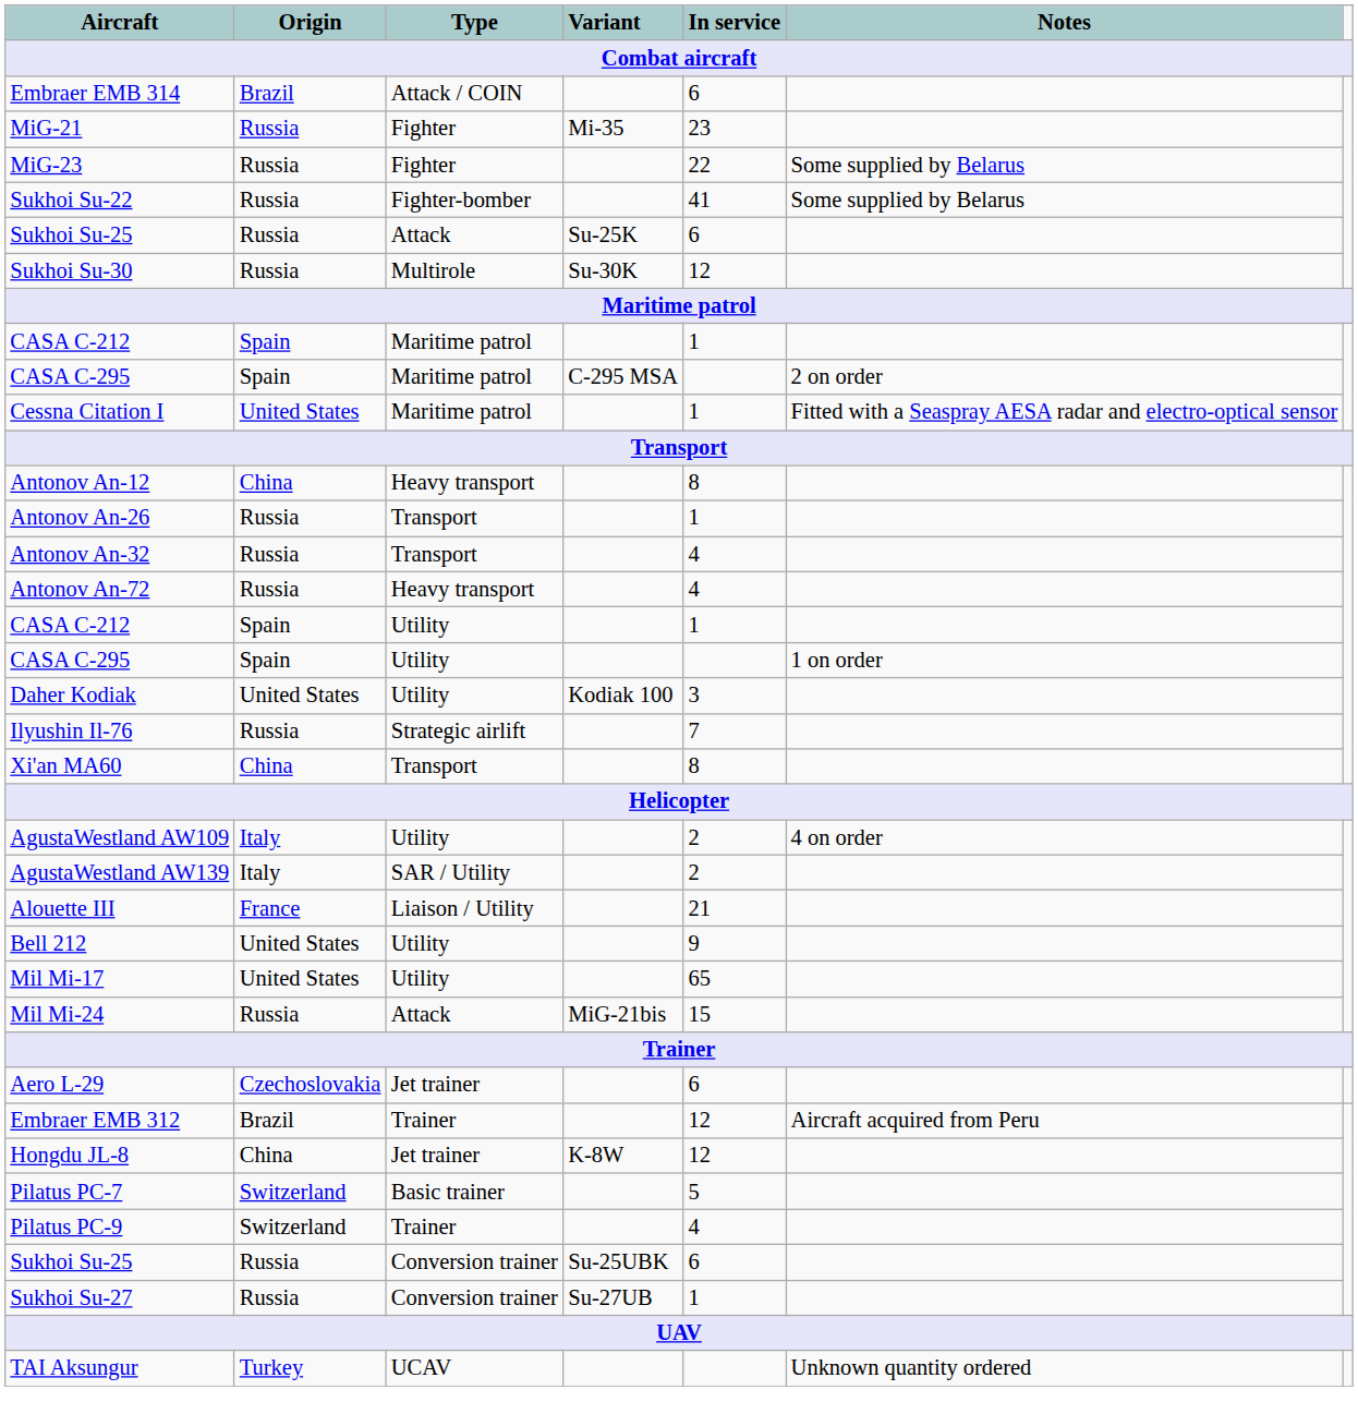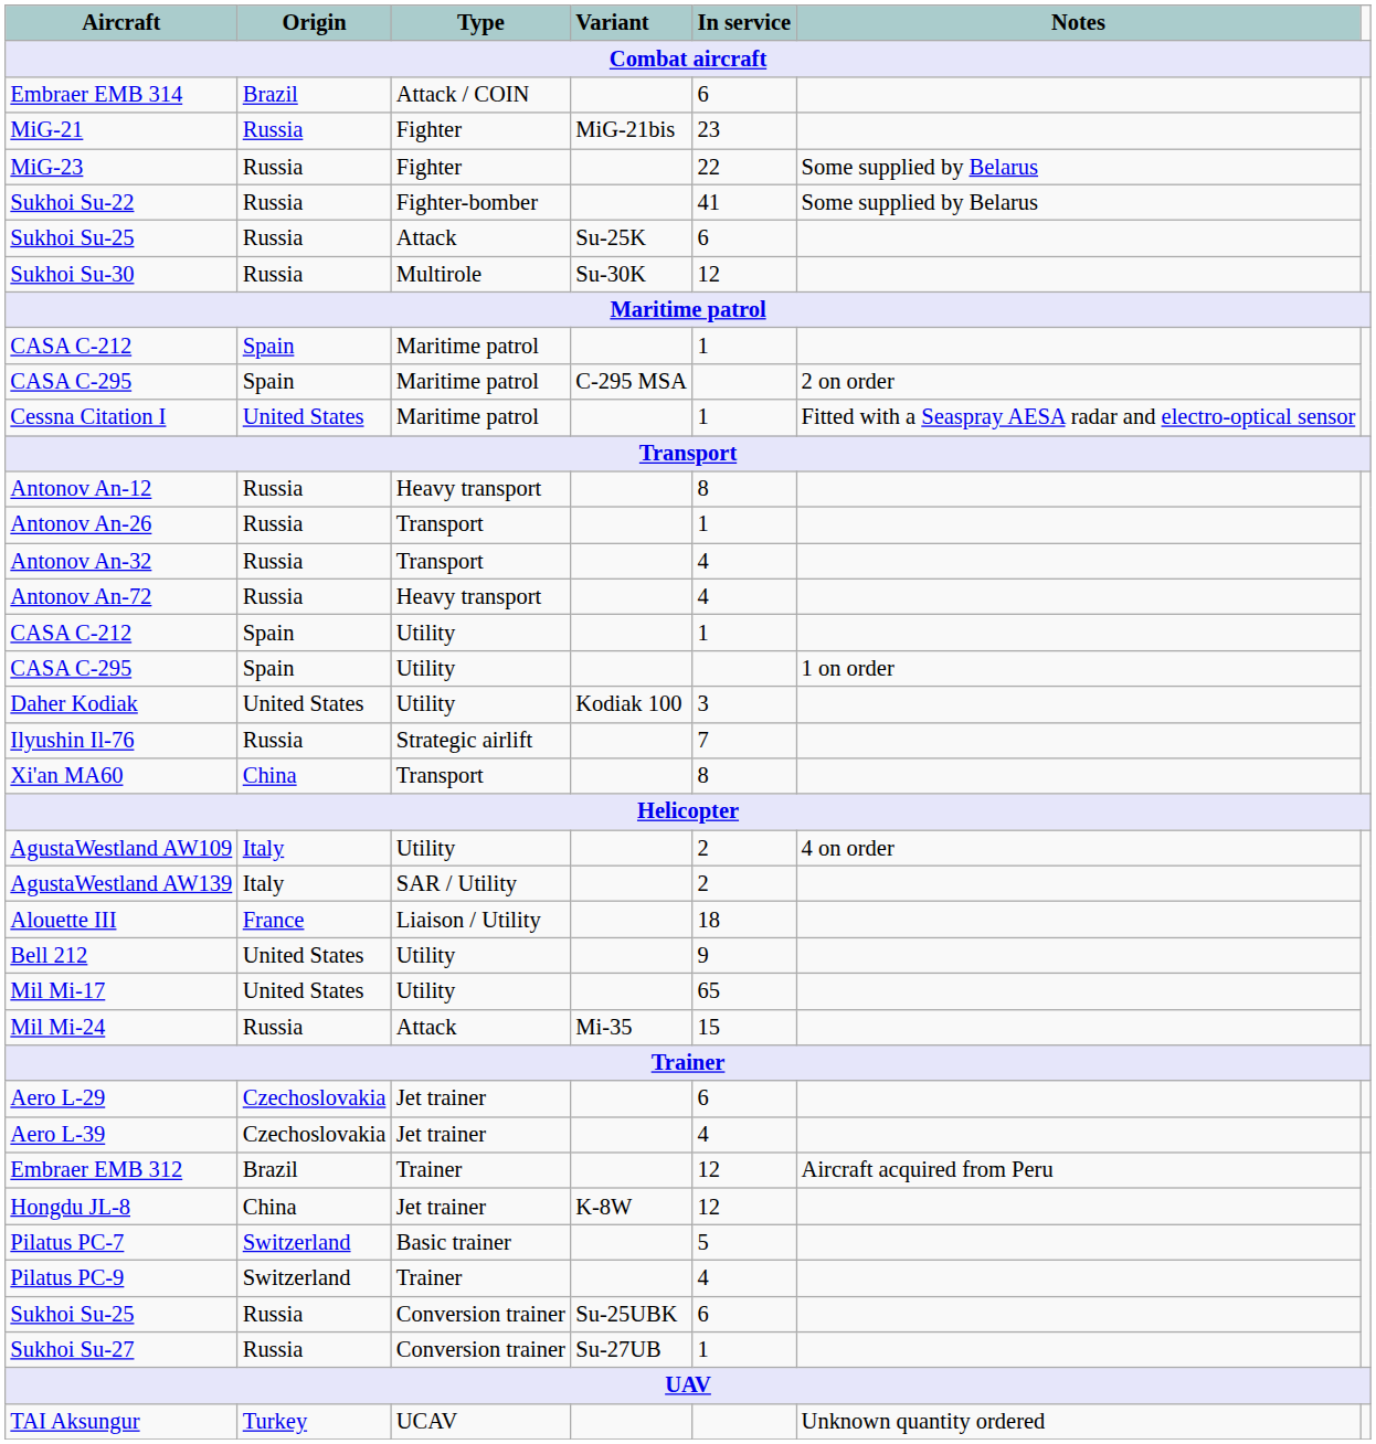 <table class="wikitable">
 <tr>
 <th style="text-align:center; background:#acc;">Aircraft</th>
 <th style="text-align: center; background:#acc;">Origin</th>
 <th style="text-align:l center; background:#acc;">Type</th>
 <th style="text-align:left; background:#acc;">Variant</th>
 <th style="text-align:center; background:#acc;">In service</th>
 <th style="text-align: center; background:#acc;">Notes</th>
 </tr>
 <tr>
 <th style="align: center; background: lavender;" colspan="7"><a href='#'>Combat aircraft</a></th>
 </tr>
 <tr>
 <td><a href='#'>Embraer EMB 314</a></td>
 <td><a href='#'>Brazil</a></td>
 <td>Attack / COIN</td>
 <td></td>
 <td>6</td>
 <td></td>
 </tr>
 <tr>
 <td><a href='#'>MiG-21</a></td>
 <td><a href='#'>Russia</a></td>
 <td>Fighter</td>
-<td>Mi-35</td>
+<td>MiG-21bis</td>
 <td>23</td>
 <td></td>
 </tr>
 <tr>
 <td><a href='#'>MiG-23</a></td>
 <td>Russia</td>
 <td>Fighter</td>
 <td></td>
 <td>22</td>
 <td>Some supplied by <a href='#'>Belarus</a></td>
 </tr>
 <tr>
 <td><a href='#'>Sukhoi Su-22</a></td>
 <td>Russia</td>
 <td>Fighter-bomber</td>
 <td></td>
 <td>41</td>
 <td>Some supplied by Belarus</td>
 </tr>
 <tr>
 <td><a href='#'>Sukhoi Su-25</a></td>
 <td>Russia</td>
 <td>Attack</td>
 <td>Su-25K</td>
 <td>6</td>
 <td></td>
 </tr>
 <tr>
 <td><a href='#'>Sukhoi Su-30</a></td>
 <td>Russia</td>
 <td>Multirole</td>
 <td>Su-30K</td>
 <td>12</td>
 <td></td>
 </tr>
 <tr>
 <th style="align: center; background: lavender;" colspan="7"><a href='#'>Maritime patrol</a></th>
 </tr>
 <tr>
 <td><a href='#'>CASA C-212</a></td>
 <td><a href='#'>Spain</a></td>
 <td>Maritime patrol</td>
 <td></td>
 <td>1</td>
 <td></td>
 </tr>
 <tr>
 <td><a href='#'>CASA C-295</a></td>
 <td>Spain</td>
 <td>Maritime patrol</td>
 <td>C-295 MSA</td>
 <td></td>
 <td>2 on order</td>
 </tr>
 <tr>
 <td><a href='#'>Cessna Citation I</a></td>
 <td><a href='#'>United States</a></td>
 <td>Maritime patrol</td>
 <td></td>
 <td>1</td>
 <td>Fitted with a <a href='#'>Seaspray AESA</a> radar and <a href='#'>electro-optical sensor</a></td>
 </tr>
 <tr>
 <th style="align: center; background: lavender;" colspan="7"><a href='#'>Transport</a></th>
 </tr>
 <tr>
 <td><a href='#'>Antonov An-12</a></td>
-<td><a href='#'>China</a></td>
+<td>Russia</td>
 <td>Heavy transport</td>
 <td></td>
 <td>8</td>
 <td></td>
 </tr>
 <tr>
 <td><a href='#'>Antonov An-26</a></td>
 <td>Russia</td>
 <td>Transport</td>
 <td></td>
 <td>1</td>
 <td></td>
 </tr>
 <tr>
 <td><a href='#'>Antonov An-32</a></td>
 <td>Russia</td>
 <td>Transport</td>
 <td></td>
 <td>4</td>
 <td></td>
 </tr>
 <tr>
 <td><a href='#'>Antonov An-72</a></td>
 <td>Russia</td>
 <td>Heavy transport</td>
 <td></td>
 <td>4</td>
 <td></td>
 </tr>
 <tr>
 <td><a href='#'>CASA C-212</a></td>
 <td>Spain</td>
 <td>Utility</td>
 <td></td>
 <td>1</td>
 <td></td>
 </tr>
 <tr>
 <td><a href='#'>CASA C-295</a></td>
 <td>Spain</td>
 <td>Utility</td>
 <td></td>
 <td></td>
 <td>1 on order</td>
 </tr>
 <tr>
 <td><a href='#'>Daher Kodiak</a></td>
 <td>United States</td>
 <td>Utility</td>
 <td>Kodiak 100</td>
 <td>3</td>
 <td></td>
 </tr>
 <tr>
 <td><a href='#'>Ilyushin Il-76</a></td>
 <td>Russia</td>
 <td>Strategic airlift</td>
 <td></td>
 <td>7</td>
 <td></td>
 </tr>
 <tr>
 <td><a href='#'>Xi'an MA60</a></td>
 <td><a href='#'>China</a></td>
 <td>Transport</td>
 <td></td>
 <td>8</td>
 <td></td>
 </tr>
 <tr>
 <th colspan="7" style="align: center; background: lavender;"><a href='#'>Helicopter</a></th>
 </tr>
 <tr>
 <td><a href='#'>AgustaWestland AW109</a></td>
 <td><a href='#'>Italy</a></td>
 <td>Utility</td>
 <td></td>
 <td>2</td>
 <td>4 on order</td>
 </tr>
 <tr>
 <td><a href='#'>AgustaWestland AW139</a></td>
 <td>Italy</td>
 <td>SAR / Utility</td>
 <td></td>
 <td>2</td>
 <td></td>
 </tr>
 <tr>
 <td><a href='#'>Alouette III</a></td>
 <td><a href='#'>France</a></td>
 <td>Liaison / Utility</td>
 <td></td>
-<td>21</td>
+<td>18</td>
 <td></td>
 </tr>
 <tr>
 <td><a href='#'>Bell 212</a></td>
 <td>United States</td>
 <td>Utility</td>
 <td></td>
 <td>9</td>
 <td></td>
 </tr>
 <tr>
 <td><a href='#'>Mil Mi-17</a></td>
 <td>United States</td>
 <td>Utility</td>
 <td></td>
 <td>65</td>
 <td></td>
 </tr>
 <tr>
 <td><a href='#'>Mil Mi-24</a></td>
 <td>Russia</td>
 <td>Attack</td>
-<td>MiG-21bis</td>
+<td>Mi-35</td>
 <td>15</td>
 <td></td>
 </tr>
 <tr>
 <th colspan="7" style="align: center; background: lavender;"><a href='#'>Trainer</a></th>
 </tr>
 <tr>
 <td><a href='#'>Aero L-29</a></td>
 <td><a href='#'>Czechoslovakia</a></td>
 <td>Jet trainer</td>
 <td></td>
 <td>6</td>
+<td></td>
+<td></td>
+</tr>
+<tr>
+<td><a href='#'>Aero L-39</a></td>
+<td>Czechoslovakia</td>
+<td>Jet trainer</td>
+<td></td>
+<td>4</td>
 <td></td>
 <td></td>
 </tr>
 <tr>
 <td><a href='#'>Embraer EMB 312</a></td>
 <td>Brazil</td>
 <td>Trainer</td>
 <td></td>
 <td>12</td>
 <td>Aircraft acquired from Peru</td>
 </tr>
 <tr>
 <td><a href='#'>Hongdu JL-8</a></td>
 <td>China</td>
 <td>Jet trainer</td>
 <td>K-8W</td>
 <td>12</td>
 <td></td>
 </tr>
 <tr>
 <td><a href='#'>Pilatus PC-7</a></td>
 <td><a href='#'>Switzerland</a></td>
 <td>Basic trainer</td>
 <td></td>
 <td>5</td>
 <td></td>
 </tr>
 <tr>
 <td><a href='#'>Pilatus PC-9</a></td>
 <td>Switzerland</td>
 <td>Trainer</td>
 <td></td>
 <td>4</td>
 <td></td>
 </tr>
 <tr>
 <td><a href='#'>Sukhoi Su-25</a></td>
 <td>Russia</td>
 <td>Conversion trainer</td>
 <td>Su-25UBK</td>
 <td>6</td>
 <td></td>
 </tr>
 <tr>
 <td><a href='#'>Sukhoi Su-27</a></td>
 <td>Russia</td>
 <td>Conversion trainer</td>
 <td>Su-27UB</td>
 <td>1</td>
 <td></td>
 </tr>
 <tr>
 <th colspan="7" style="align: center; background: lavender;"><a href='#'>UAV</a></th>
 </tr>
 <tr>
 <td><a href='#'>TAI Aksungur</a></td>
 <td><a href='#'>Turkey</a></td>
 <td>UCAV</td>
 <td></td>
 <td></td>
 <td>Unknown quantity ordered</td>
 </tr>
 </table>
